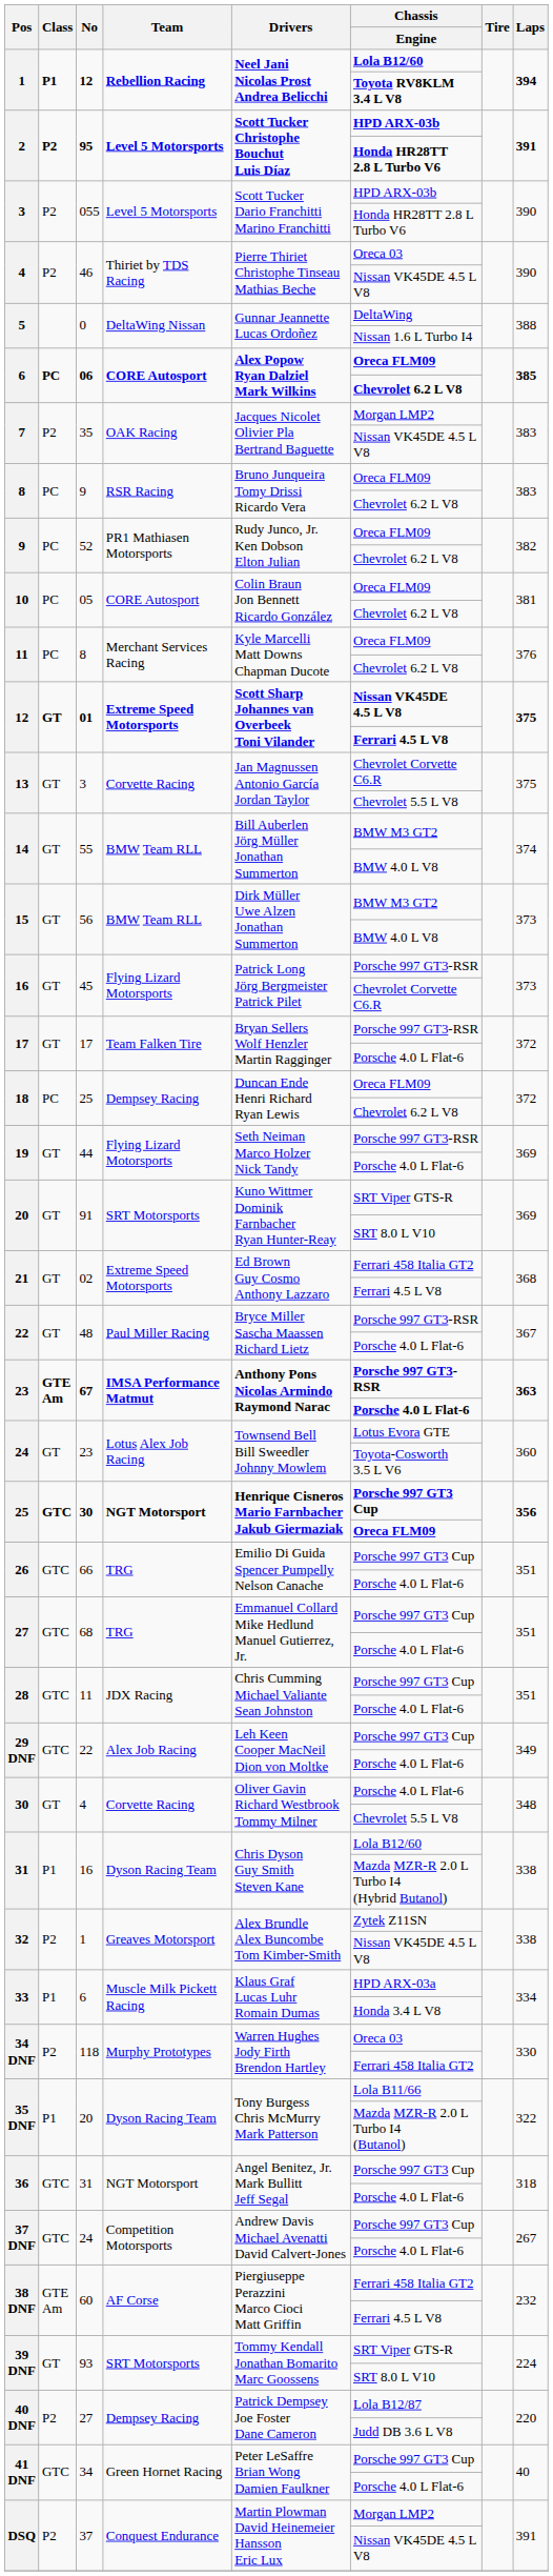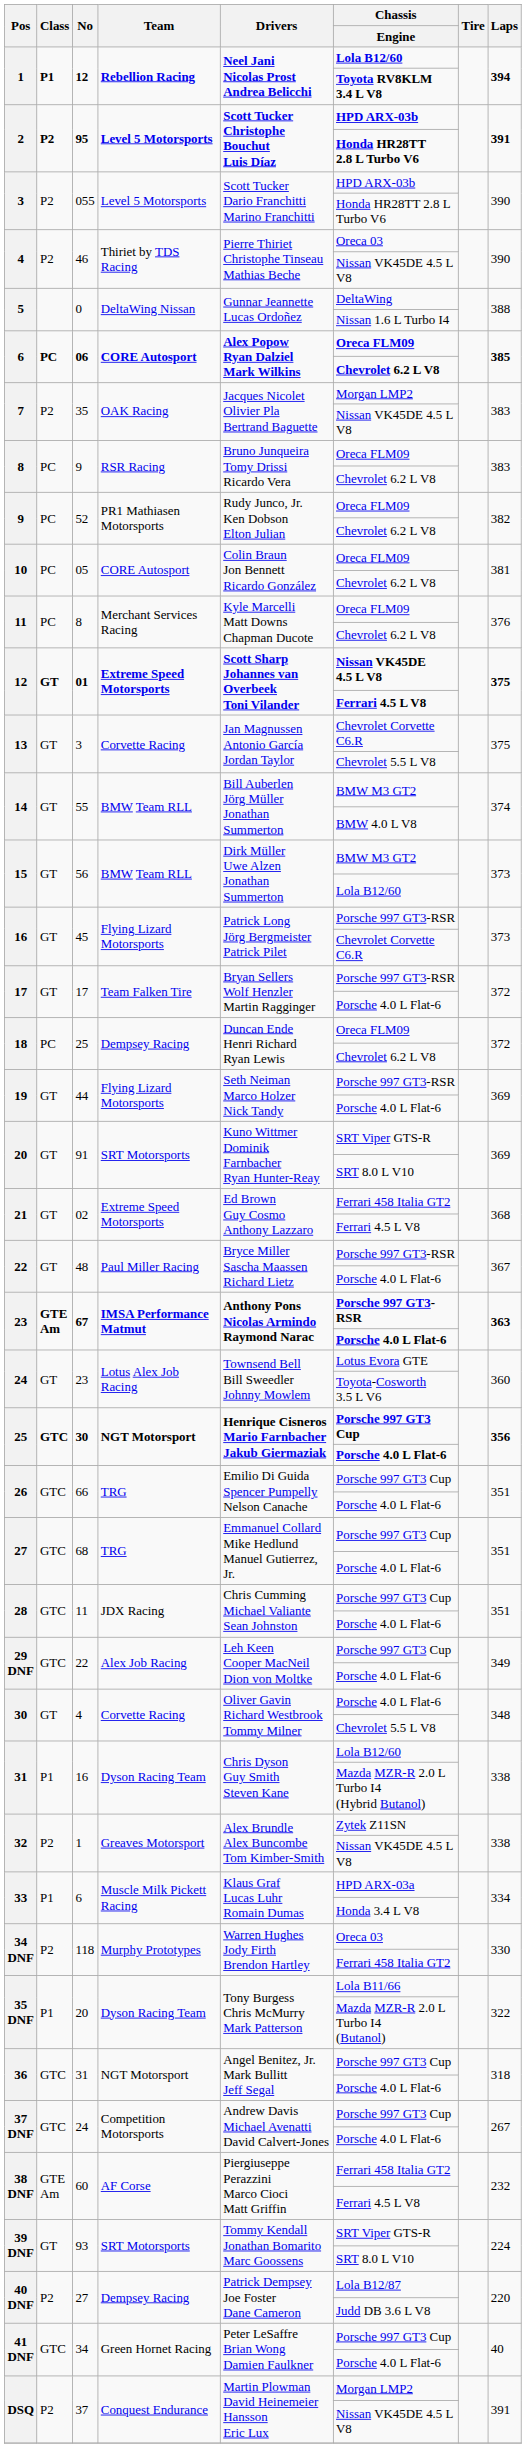 <table class="wikitable" style="font-size: 95%;">
 <tr>
 <th rowspan=2>Pos</th>
 <th rowspan=2>Class</th>
 <th rowspan=2>No</th>
 <th rowspan=2>Team</th>
 <th rowspan=2>Drivers</th>
 <th>Chassis</th>
 <th rowspan=2>Tire</th>
 <th rowspan=2>Laps</th>
 </tr>
 <tr>
 <th>Engine</th>
 </tr>
 <tr style="font-weight:bold">
 <th rowspan=2>1</th>
 <td rowspan=2>P1</td>
 <td rowspan=2>12</td>
 <td rowspan=2> <a href='#'>Rebellion Racing</a></td>
 <td rowspan=2> <a href='#'>Neel Jani</a><br> <a href='#'>Nicolas Prost</a><br> <a href='#'>Andrea Belicchi</a></td>
 <td><a href='#'>Lola B12/60</a></td>
 <td rowspan=2></td>
 <td rowspan=2>394</td>
 </tr>
 <tr style="font-weight:bold">
 <td><a href='#'>Toyota</a> RV8KLM 3.4 L V8</td>
 </tr>
 <tr style="font-weight:bold">
 <th rowspan=2>2</th>
 <td rowspan=2>P2</td>
 <td rowspan=2>95</td>
 <td rowspan=2> <a href='#'>Level 5 Motorsports</a></td>
 <td rowspan=2> <a href='#'>Scott Tucker</a><br> <a href='#'>Christophe Bouchut</a><br> <a href='#'>Luis Díaz</a></td>
 <td><a href='#'>HPD ARX-03b</a></td>
 <td rowspan=2></td>
 <td rowspan=2>391</td>
 </tr>
 <tr style="font-weight:bold">
 <td><a href='#'>Honda</a> HR28TT 2.8 L Turbo V6</td>
 </tr>
 <tr>
 <th rowspan=2>3</th>
 <td rowspan=2>P2</td>
 <td rowspan=2>055</td>
 <td rowspan=2> <a href='#'>Level 5 Motorsports</a></td>
 <td rowspan=2> <a href='#'>Scott Tucker</a><br> <a href='#'>Dario Franchitti</a><br> <a href='#'>Marino Franchitti</a></td>
 <td><a href='#'>HPD ARX-03b</a></td>
 <td rowspan=2></td>
 <td rowspan=2>390</td>
 </tr>
 <tr>
 <td><a href='#'>Honda</a> HR28TT 2.8 L Turbo V6</td>
 </tr>
 <tr>
 <th rowspan=2>4</th>
 <td rowspan=2>P2</td>
 <td rowspan=2>46</td>
 <td rowspan=2> Thiriet by <a href='#'>TDS Racing</a></td>
 <td rowspan=2> <a href='#'>Pierre Thiriet</a><br> <a href='#'>Christophe Tinseau</a><br> <a href='#'>Mathias Beche</a></td>
 <td><a href='#'>Oreca 03</a></td>
 <td rowspan=2></td>
 <td rowspan=2>390</td>
 </tr>
 <tr>
 <td><a href='#'>Nissan</a> VK45DE 4.5 L V8</td>
 </tr>
 <tr>
 <th rowspan=2>5</th>
 <td rowspan=2></td>
 <td rowspan=2>0</td>
 <td rowspan=2> <a href='#'>DeltaWing Nissan</a></td>
 <td rowspan=2> <a href='#'>Gunnar Jeannette</a><br> <a href='#'>Lucas Ordoñez</a></td>
 <td><a href='#'>DeltaWing</a></td>
 <td rowspan=2></td>
 <td rowspan=2>388</td>
 </tr>
 <tr>
 <td><a href='#'>Nissan</a> 1.6 L Turbo I4</td>
 </tr>
 <tr style="font-weight:bold">
 <th rowspan=2>6</th>
 <td rowspan=2>PC</td>
 <td rowspan=2>06</td>
 <td rowspan=2> <a href='#'>CORE Autosport</a></td>
 <td rowspan=2> <a href='#'>Alex Popow</a><br> <a href='#'>Ryan Dalziel</a><br> <a href='#'>Mark Wilkins</a></td>
 <td><a href='#'>Oreca FLM09</a></td>
 <td rowspan=2></td>
 <td rowspan=2>385</td>
 </tr>
 <tr style="font-weight:bold">
 <td><a href='#'>Chevrolet</a> 6.2 L V8</td>
 </tr>
 <tr>
 <th rowspan=2>7</th>
 <td rowspan=2>P2</td>
 <td rowspan=2>35</td>
 <td rowspan=2> <a href='#'>OAK Racing</a></td>
 <td rowspan=2> <a href='#'>Jacques Nicolet</a><br> <a href='#'>Olivier Pla</a><br> <a href='#'>Bertrand Baguette</a></td>
 <td><a href='#'>Morgan LMP2</a></td>
 <td rowspan=2></td>
 <td rowspan=2>383</td>
 </tr>
 <tr>
 <td><a href='#'>Nissan</a> VK45DE 4.5 L V8</td>
 </tr>
 <tr>
 <th rowspan=2>8</th>
 <td rowspan=2>PC</td>
 <td rowspan=2>9</td>
 <td rowspan=2> <a href='#'>RSR Racing</a></td>
 <td rowspan=2> <a href='#'>Bruno Junqueira</a><br> <a href='#'>Tomy Drissi</a><br> Ricardo Vera</td>
 <td><a href='#'>Oreca FLM09</a></td>
 <td rowspan=2></td>
 <td rowspan=2>383</td>
 </tr>
 <tr>
 <td><a href='#'>Chevrolet</a> 6.2 L V8</td>
 </tr>
 <tr>
 <th rowspan=2>9</th>
 <td rowspan=2>PC</td>
 <td rowspan=2>52</td>
 <td rowspan=2> PR1 Mathiasen Motorsports</td>
 <td rowspan=2> Rudy Junco, Jr.<br> Ken Dobson<br> <a href='#'>Elton Julian</a></td>
 <td><a href='#'>Oreca FLM09</a></td>
 <td rowspan=2></td>
 <td rowspan=2>382</td>
 </tr>
 <tr>
 <td><a href='#'>Chevrolet</a> 6.2 L V8</td>
 </tr>
 <tr>
 <th rowspan=2>10</th>
 <td rowspan=2>PC</td>
 <td rowspan=2>05</td>
 <td rowspan=2> <a href='#'>CORE Autosport</a></td>
 <td rowspan=2> <a href='#'>Colin Braun</a><br> Jon Bennett<br> <a href='#'>Ricardo González</a></td>
 <td><a href='#'>Oreca FLM09</a></td>
 <td rowspan=2></td>
 <td rowspan=2>381</td>
 </tr>
 <tr>
 <td><a href='#'>Chevrolet</a> 6.2 L V8</td>
 </tr>
 <tr>
 <th rowspan=2>11</th>
 <td rowspan=2>PC</td>
 <td rowspan=2>8</td>
 <td rowspan=2> Merchant Services Racing</td>
 <td rowspan=2> <a href='#'>Kyle Marcelli</a><br> Matt Downs<br> Chapman Ducote</td>
 <td><a href='#'>Oreca FLM09</a></td>
 <td rowspan=2></td>
 <td rowspan=2>376</td>
 </tr>
 <tr>
 <td><a href='#'>Chevrolet</a> 6.2 L V8</td>
 </tr>
 <tr style="font-weight:bold">
 <th rowspan=2>12</th>
 <td rowspan=2>GT</td>
 <td rowspan=2>01</td>
 <td rowspan=2> <a href='#'>Extreme Speed Motorsports</a></td>
 <td rowspan=2> <a href='#'>Scott Sharp</a><br> <a href='#'>Johannes van Overbeek</a><br> <a href='#'>Toni Vilander</a></td>
 <td><a href='#'>Nissan</a> VK45DE 4.5 L V8</td>
 <td rowspan=2></td>
 <td rowspan=2>375</td>
 </tr>
 <tr style="font-weight:bold">
 <td><a href='#'>Ferrari</a> 4.5 L V8</td>
 </tr>
 <tr>
 <th rowspan=2>13</th>
 <td rowspan=2>GT</td>
 <td rowspan=2>3</td>
 <td rowspan=2> <a href='#'>Corvette Racing</a></td>
 <td rowspan=2> <a href='#'>Jan Magnussen</a><br> <a href='#'>Antonio García</a><br> <a href='#'>Jordan Taylor</a></td>
 <td><a href='#'>Chevrolet Corvette C6.R</a></td>
 <td rowspan=2></td>
 <td rowspan=2>375</td>
 </tr>
 <tr>
 <td><a href='#'>Chevrolet</a> 5.5 L V8</td>
 </tr>
 <tr>
 <th rowspan=2>14</th>
 <td rowspan=2>GT</td>
 <td rowspan=2>55</td>
 <td rowspan=2> <a href='#'>BMW</a> <a href='#'>Team RLL</a></td>
 <td rowspan=2> <a href='#'>Bill Auberlen</a><br> <a href='#'>Jörg Müller</a><br> <a href='#'>Jonathan Summerton</a></td>
 <td><a href='#'>BMW M3 GT2</a></td>
 <td rowspan=2></td>
 <td rowspan=2>374</td>
 </tr>
 <tr>
 <td><a href='#'>BMW</a> 4.0 L V8</td>
 </tr>
 <tr>
 <th rowspan=2>15</th>
 <td rowspan=2>GT</td>
 <td rowspan=2>56</td>
 <td rowspan=2> <a href='#'>BMW</a> <a href='#'>Team RLL</a></td>
 <td rowspan=2> <a href='#'>Dirk Müller</a><br> <a href='#'>Uwe Alzen</a><br> <a href='#'>Jonathan Summerton</a></td>
 <td><a href='#'>BMW M3 GT2</a></td>
 <td rowspan=2></td>
 <td rowspan=2>373</td>
 </tr>
 <tr>
-<td><a href='#'>BMW</a> 4.0 L V8</td>
+<td><a href='#'>Lola B12/60</a></td>
 </tr>
 <tr>
 <th rowspan=2>16</th>
 <td rowspan=2>GT</td>
 <td rowspan=2>45</td>
 <td rowspan=2> <a href='#'>Flying Lizard Motorsports</a></td>
 <td rowspan=2> <a href='#'>Patrick Long</a><br> <a href='#'>Jörg Bergmeister</a><br> <a href='#'>Patrick Pilet</a></td>
 <td><a href='#'>Porsche 997 GT3</a>-RSR</td>
 <td rowspan=2></td>
 <td rowspan=2>373</td>
 </tr>
 <tr>
 <td><a href='#'>Chevrolet Corvette C6.R</a></td>
 </tr>
 <tr>
 <th rowspan=2>17</th>
 <td rowspan=2>GT</td>
 <td rowspan=2>17</td>
 <td rowspan=2> <a href='#'>Team Falken Tire</a></td>
 <td rowspan=2> <a href='#'>Bryan Sellers</a><br> <a href='#'>Wolf Henzler</a><br> Martin Ragginger</td>
 <td><a href='#'>Porsche 997 GT3</a>-RSR</td>
 <td rowspan=2></td>
 <td rowspan=2>372</td>
 </tr>
 <tr>
 <td><a href='#'>Porsche</a> 4.0 L Flat-6</td>
 </tr>
 <tr>
 <th rowspan=2>18</th>
 <td rowspan=2>PC</td>
 <td rowspan=2>25</td>
 <td rowspan=2> <a href='#'>Dempsey Racing</a></td>
 <td rowspan=2> <a href='#'>Duncan Ende</a><br> Henri Richard<br> Ryan Lewis</td>
 <td><a href='#'>Oreca FLM09</a></td>
 <td rowspan=2></td>
 <td rowspan=2>372</td>
 </tr>
 <tr>
 <td><a href='#'>Chevrolet</a> 6.2 L V8</td>
 </tr>
 <tr>
 <th rowspan=2>19</th>
 <td rowspan=2>GT</td>
 <td rowspan=2>44</td>
 <td rowspan=2> <a href='#'>Flying Lizard Motorsports</a></td>
 <td rowspan=2> <a href='#'>Seth Neiman</a><br> <a href='#'>Marco Holzer</a><br> <a href='#'>Nick Tandy</a></td>
 <td><a href='#'>Porsche 997 GT3</a>-RSR</td>
 <td rowspan=2></td>
 <td rowspan=2>369</td>
 </tr>
 <tr>
 <td><a href='#'>Porsche</a> 4.0 L Flat-6</td>
 </tr>
 <tr>
 <th rowspan=2>20</th>
 <td rowspan=2>GT</td>
 <td rowspan=2>91</td>
 <td rowspan=2> <a href='#'>SRT Motorsports</a></td>
 <td rowspan=2> <a href='#'>Kuno Wittmer</a><br> <a href='#'>Dominik Farnbacher</a><br> <a href='#'>Ryan Hunter-Reay</a></td>
 <td><a href='#'>SRT Viper</a> GTS-R</td>
 <td rowspan=2></td>
 <td rowspan=2>369</td>
 </tr>
 <tr>
 <td><a href='#'>SRT</a> 8.0 L V10</td>
 </tr>
 <tr>
 <th rowspan=2>21</th>
 <td rowspan=2>GT</td>
 <td rowspan=2>02</td>
 <td rowspan=2> <a href='#'>Extreme Speed Motorsports</a></td>
 <td rowspan=2> <a href='#'>Ed Brown</a><br> <a href='#'>Guy Cosmo</a><br> <a href='#'>Anthony Lazzaro</a></td>
 <td><a href='#'>Ferrari 458 Italia GT2</a></td>
 <td rowspan=2></td>
 <td rowspan=2>368</td>
 </tr>
 <tr>
 <td><a href='#'>Ferrari</a> 4.5 L V8</td>
 </tr>
 <tr>
 <th rowspan=2>22</th>
 <td rowspan=2>GT</td>
 <td rowspan=2>48</td>
 <td rowspan=2> <a href='#'>Paul Miller Racing</a></td>
 <td rowspan=2> <a href='#'>Bryce Miller</a><br> <a href='#'>Sascha Maassen</a><br> <a href='#'>Richard Lietz</a></td>
 <td><a href='#'>Porsche 997 GT3</a>-RSR</td>
 <td rowspan=2></td>
 <td rowspan=2>367</td>
 </tr>
 <tr>
 <td><a href='#'>Porsche</a> 4.0 L Flat-6</td>
 </tr>
 <tr style="font-weight:bold">
 <th rowspan=2>23</th>
 <td rowspan=2>GTE<br>Am</td>
 <td rowspan=2>67</td>
 <td rowspan=2> <a href='#'>IMSA Performance Matmut</a></td>
 <td rowspan=2> Anthony Pons<br> <a href='#'>Nicolas Armindo</a><br> Raymond Narac</td>
 <td><a href='#'>Porsche 997 GT3</a>-RSR</td>
 <td rowspan=2></td>
 <td rowspan=2>363</td>
 </tr>
 <tr style="font-weight:bold">
 <td><a href='#'>Porsche</a> 4.0 L Flat-6</td>
 </tr>
 <tr>
 <th rowspan=2>24</th>
 <td rowspan=2>GT</td>
 <td rowspan=2>23</td>
 <td rowspan=2> <a href='#'>Lotus</a> <a href='#'>Alex Job Racing</a></td>
 <td rowspan=2> <a href='#'>Townsend Bell</a><br> Bill Sweedler<br> <a href='#'>Johnny Mowlem</a></td>
 <td><a href='#'>Lotus Evora</a> GTE</td>
 <td rowspan=2></td>
 <td rowspan=2>360</td>
 </tr>
 <tr>
 <td><a href='#'>Toyota</a>-<a href='#'>Cosworth</a> 3.5 L V6</td>
 </tr>
 <tr style="font-weight:bold">
 <th rowspan=2>25</th>
 <td rowspan=2>GTC</td>
 <td rowspan=2>30</td>
 <td rowspan=2> NGT Motorsport</td>
 <td rowspan=2> Henrique Cisneros<br> <a href='#'>Mario Farnbacher</a><br> <a href='#'>Jakub Giermaziak</a></td>
 <td><a href='#'>Porsche 997 GT3</a> Cup</td>
 <td rowspan=2></td>
 <td rowspan=2>356</td>
 </tr>
 <tr style="font-weight:bold">
-<td><a href='#'>Oreca FLM09</a></td>
+<td><a href='#'>Porsche</a> 4.0 L Flat-6</td>
 </tr>
 <tr>
 <th rowspan=2>26</th>
 <td rowspan=2>GTC</td>
 <td rowspan=2>66</td>
 <td rowspan=2> <a href='#'>TRG</a></td>
 <td rowspan=2> Emilio Di Guida<br> <a href='#'>Spencer Pumpelly</a><br> Nelson Canache</td>
 <td><a href='#'>Porsche 997 GT3</a> Cup</td>
 <td rowspan=2></td>
 <td rowspan=2>351</td>
 </tr>
 <tr>
 <td><a href='#'>Porsche</a> 4.0 L Flat-6</td>
 </tr>
 <tr>
 <th rowspan=2>27</th>
 <td rowspan=2>GTC</td>
 <td rowspan=2>68</td>
 <td rowspan=2> <a href='#'>TRG</a></td>
 <td rowspan=2> <a href='#'>Emmanuel Collard</a><br> Mike Hedlund<br> Manuel Gutierrez, Jr.</td>
 <td><a href='#'>Porsche 997 GT3</a> Cup</td>
 <td rowspan=2></td>
 <td rowspan=2>351</td>
 </tr>
 <tr>
 <td><a href='#'>Porsche</a> 4.0 L Flat-6</td>
 </tr>
 <tr>
 <th rowspan=2>28</th>
 <td rowspan=2>GTC</td>
 <td rowspan=2>11</td>
 <td rowspan=2> JDX Racing</td>
 <td rowspan=2> Chris Cumming<br> <a href='#'>Michael Valiante</a><br> <a href='#'>Sean Johnston</a></td>
 <td><a href='#'>Porsche 997 GT3</a> Cup</td>
 <td rowspan=2></td>
 <td rowspan=2>351</td>
 </tr>
 <tr>
 <td><a href='#'>Porsche</a> 4.0 L Flat-6</td>
 </tr>
 <tr>
 <th rowspan=2>29<br>DNF</th>
 <td rowspan=2>GTC</td>
 <td rowspan=2>22</td>
 <td rowspan=2> <a href='#'>Alex Job Racing</a></td>
 <td rowspan=2> <a href='#'>Leh Keen</a><br> <a href='#'>Cooper MacNeil</a><br> <a href='#'>Dion von Moltke</a></td>
 <td><a href='#'>Porsche 997 GT3</a> Cup</td>
 <td rowspan=2></td>
 <td rowspan=2>349</td>
 </tr>
 <tr>
 <td><a href='#'>Porsche</a> 4.0 L Flat-6</td>
 </tr>
 <tr>
 <th rowspan=2>30</th>
 <td rowspan=2>GT</td>
 <td rowspan=2>4</td>
 <td rowspan=2> <a href='#'>Corvette Racing</a></td>
 <td rowspan=2> <a href='#'>Oliver Gavin</a><br> <a href='#'>Richard Westbrook</a><br> <a href='#'>Tommy Milner</a></td>
 <td><a href='#'>Porsche</a> 4.0 L Flat-6</td>
 <td rowspan=2></td>
 <td rowspan=2>348</td>
 </tr>
 <tr>
 <td><a href='#'>Chevrolet</a> 5.5 L V8</td>
 </tr>
 <tr>
 <th rowspan=2>31</th>
 <td rowspan=2>P1</td>
 <td rowspan=2>16</td>
 <td rowspan=2> <a href='#'>Dyson Racing Team</a></td>
 <td rowspan=2> <a href='#'>Chris Dyson</a><br> <a href='#'>Guy Smith</a><br> <a href='#'>Steven Kane</a></td>
 <td><a href='#'>Lola B12/60</a></td>
 <td rowspan=2></td>
 <td rowspan=2>338</td>
 </tr>
 <tr>
 <td><a href='#'>Mazda</a> <a href='#'>MZR-R</a> 2.0 L Turbo I4<br>(Hybrid <a href='#'>Butanol</a>)</td>
 </tr>
 <tr>
 <th rowspan=2>32</th>
 <td rowspan=2>P2</td>
 <td rowspan=2>1</td>
 <td rowspan=2> <a href='#'>Greaves Motorsport</a></td>
 <td rowspan=2> <a href='#'>Alex Brundle</a><br> <a href='#'>Alex Buncombe</a><br> <a href='#'>Tom Kimber-Smith</a></td>
 <td><a href='#'>Zytek</a> Z11SN</td>
 <td rowspan=2></td>
 <td rowspan=2>338</td>
 </tr>
 <tr>
 <td><a href='#'>Nissan</a> VK45DE 4.5 L V8</td>
 </tr>
 <tr>
 <th rowspan=2>33</th>
 <td rowspan=2>P1</td>
 <td rowspan=2>6</td>
 <td rowspan=2> <a href='#'>Muscle Milk Pickett Racing</a></td>
 <td rowspan=2> <a href='#'>Klaus Graf</a><br> <a href='#'>Lucas Luhr</a><br> <a href='#'>Romain Dumas</a></td>
 <td><a href='#'>HPD ARX-03a</a></td>
 <td rowspan=2></td>
 <td rowspan=2>334</td>
 </tr>
 <tr>
 <td><a href='#'>Honda</a> 3.4 L V8</td>
 </tr>
 <tr>
 <th rowspan=2>34<br>DNF</th>
 <td rowspan=2>P2</td>
 <td rowspan=2>118</td>
 <td rowspan=2> <a href='#'>Murphy Prototypes</a></td>
 <td rowspan=2> <a href='#'>Warren Hughes</a><br> <a href='#'>Jody Firth</a><br> <a href='#'>Brendon Hartley</a></td>
 <td><a href='#'>Oreca 03</a></td>
 <td rowspan=2></td>
 <td rowspan=2>330</td>
 </tr>
 <tr>
 <td><a href='#'>Ferrari 458 Italia GT2</a></td>
 </tr>
 <tr>
 <th rowspan=2>35<br>DNF</th>
 <td rowspan=2>P1</td>
 <td rowspan=2>20</td>
 <td rowspan=2> <a href='#'>Dyson Racing Team</a></td>
 <td rowspan=2> Tony Burgess<br> Chris McMurry<br> <a href='#'>Mark Patterson</a></td>
 <td><a href='#'>Lola B11/66</a></td>
 <td rowspan=2></td>
 <td rowspan=2>322</td>
 </tr>
 <tr>
 <td><a href='#'>Mazda</a> <a href='#'>MZR-R</a> 2.0 L Turbo I4<br>(<a href='#'>Butanol</a>)</td>
 </tr>
 <tr>
 <th rowspan=2>36</th>
 <td rowspan=2>GTC</td>
 <td rowspan=2>31</td>
 <td rowspan=2> NGT Motorsport</td>
 <td rowspan=2> Angel Benitez, Jr.<br> Mark Bullitt<br> <a href='#'>Jeff Segal</a></td>
 <td><a href='#'>Porsche 997 GT3</a> Cup</td>
 <td rowspan=2></td>
 <td rowspan=2>318</td>
 </tr>
 <tr>
 <td><a href='#'>Porsche</a> 4.0 L Flat-6</td>
 </tr>
 <tr>
 <th rowspan=2>37<br>DNF</th>
 <td rowspan=2>GTC</td>
 <td rowspan=2>24</td>
 <td rowspan=2> Competition Motorsports</td>
 <td rowspan=2> Andrew Davis<br> <a href='#'>Michael Avenatti</a><br> David Calvert-Jones</td>
 <td><a href='#'>Porsche 997 GT3</a> Cup</td>
 <td rowspan=2></td>
 <td rowspan=2>267</td>
 </tr>
 <tr>
 <td><a href='#'>Porsche</a> 4.0 L Flat-6</td>
 </tr>
 <tr>
 <th rowspan=2>38<br>DNF</th>
 <td rowspan=2>GTE<br>Am</td>
 <td rowspan=2>60</td>
 <td rowspan=2> <a href='#'>AF Corse</a></td>
 <td rowspan=2> Piergiuseppe Perazzini<br> Marco Cioci<br> Matt Griffin</td>
 <td><a href='#'>Ferrari 458 Italia GT2</a></td>
 <td rowspan=2></td>
 <td rowspan=2>232</td>
 </tr>
 <tr>
 <td><a href='#'>Ferrari</a> 4.5 L V8</td>
 </tr>
 <tr>
 <th rowspan=2>39<br>DNF</th>
 <td rowspan=2>GT</td>
 <td rowspan=2>93</td>
 <td rowspan=2> <a href='#'>SRT Motorsports</a></td>
 <td rowspan=2> <a href='#'>Tommy Kendall</a><br> <a href='#'>Jonathan Bomarito</a><br> <a href='#'>Marc Goossens</a></td>
 <td><a href='#'>SRT Viper</a> GTS-R</td>
 <td rowspan=2></td>
 <td rowspan=2>224</td>
 </tr>
 <tr>
 <td><a href='#'>SRT</a> 8.0 L V10</td>
 </tr>
 <tr>
 <th rowspan=2>40<br>DNF</th>
 <td rowspan=2>P2</td>
 <td rowspan=2>27</td>
 <td rowspan=2> <a href='#'>Dempsey Racing</a></td>
 <td rowspan=2> <a href='#'>Patrick Dempsey</a><br> Joe Foster<br> <a href='#'>Dane Cameron</a></td>
 <td><a href='#'>Lola B12/87</a></td>
 <td rowspan=2></td>
 <td rowspan=2>220</td>
 </tr>
 <tr>
 <td><a href='#'>Judd</a> DB 3.6 L V8</td>
 </tr>
 <tr>
 <th rowspan=2>41<br>DNF</th>
 <td rowspan=2>GTC</td>
 <td rowspan=2>34</td>
 <td rowspan=2> Green Hornet Racing</td>
 <td rowspan=2> Peter LeSaffre<br> <a href='#'>Brian Wong</a><br> <a href='#'>Damien Faulkner</a></td>
 <td><a href='#'>Porsche 997 GT3</a> Cup</td>
 <td rowspan=2></td>
 <td rowspan=2>40</td>
 </tr>
 <tr>
 <td><a href='#'>Porsche</a> 4.0 L Flat-6</td>
 </tr>
 <tr>
 <th rowspan=2>DSQ<br></th>
 <td rowspan=2>P2</td>
 <td rowspan=2>37</td>
 <td rowspan=2> <a href='#'>Conquest Endurance</a></td>
 <td rowspan=2> <a href='#'>Martin Plowman</a><br> <a href='#'>David Heinemeier Hansson</a><br> <a href='#'>Eric Lux</a></td>
 <td><a href='#'>Morgan LMP2</a></td>
 <td rowspan=2></td>
 <td rowspan=2>391</td>
 </tr>
 <tr>
 <td><a href='#'>Nissan</a> VK45DE 4.5 L V8</td>
 </tr>
 <tr>
 </tr>
 </table>
